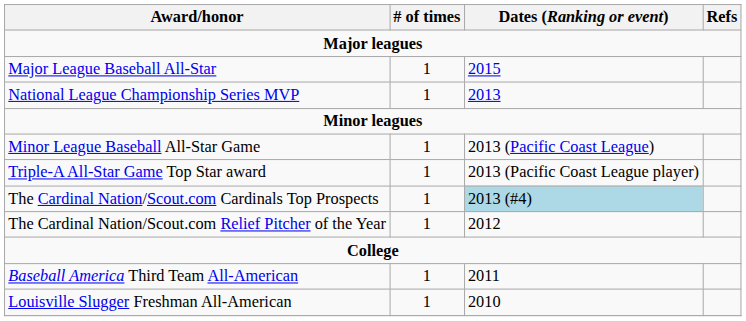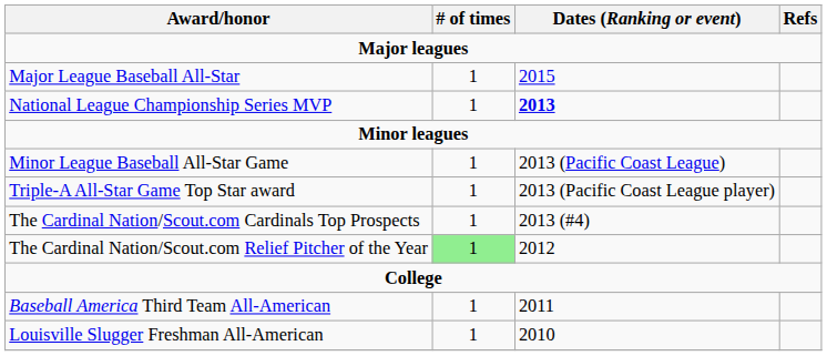 <table class="wikitable" margin: 5px; text-align: center;>
 <tr>
 <th>Award/honor</th>
 <th># of times</th>
 <th>Dates (<em>Ranking or event</em>)</th>
 <th>Refs</th>
 </tr>
 <tr>
 <td colspan="4" style="text-align: center;"><strong>Major leagues</strong></td>
 </tr>
 <tr>
 <td><a href='#'>Major League Baseball All-Star</a></td>
 <td align="center">1</td>
 <td><a href='#'>2015</a></td>
 <td></td>
 </tr>
 <tr>
 <td><a href='#'>National League Championship Series MVP</a></td>
 <td align="center">1</td>
-<td><a href='#'>2013</a></td>
+<td><strong><a href='#'>2013</a></strong></td>
 <td></td>
 </tr>
 <tr>
 <td colspan="4" style="text-align: center;"><strong>Minor leagues</strong></td>
 </tr>
 <tr>
 <td><a href='#'>Minor League Baseball</a> All-Star Game</td>
 <td align="center">1</td>
 <td>2013 (<a href='#'>Pacific Coast League</a>)</td>
 <td></td>
 </tr>
 <tr>
 <td><a href='#'>Triple-A All-Star Game</a> Top Star award</td>
 <td align="center">1</td>
 <td>2013 (Pacific Coast League player)</td>
 <td></td>
 </tr>
 <tr>
 <td>The <a href='#'>Cardinal Nation</a>/<a href='#'>Scout.com</a> Cardinals Top Prospects</td>
 <td align="center">1</td>
-<td style="background: lightblue;">2013 (#4)</td>
+<td>2013 (#4)</td>
 <td></td>
 </tr>
 <tr>
 <td>The Cardinal Nation/Scout.com <a href='#'>Relief Pitcher</a> of the Year</td>
-<td align="center">1</td>
+<td align="center" style="background: lightgreen;">1</td>
 <td>2012</td>
 <td></td>
 </tr>
 <tr>
 <td colspan="4" style="text-align: center;"><strong>College</strong></td>
 </tr>
 <tr>
 <td><em><a href='#'>Baseball America</a></em> Third Team <a href='#'>All-American</a></td>
 <td align="center">1</td>
 <td>2011</td>
 <td></td>
 </tr>
 <tr>
 <td><a href='#'>Louisville Slugger</a> Freshman All-American</td>
 <td align="center">1</td>
 <td>2010</td>
 <td></td>
 </tr>
 <tr>
 </tr>
 </table>
